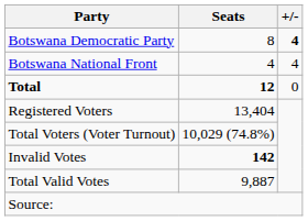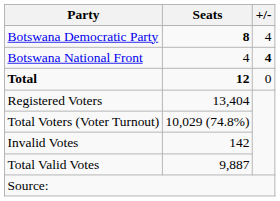 <table class=wikitable style=text-align:right>
 <tr>
 <th>Party</th>
 <th>Seats</th>
 <th>+/-</th>
 </tr>
 <tr>
 <td align=left><a href='#'>Botswana Democratic Party</a></td>
-<td>8</td>
-<td><strong>4</strong></td>
+<td><strong>8</strong></td>
+<td>4</td>
 </tr>
 <tr>
 <td align=left><a href='#'>Botswana National Front</a></td>
 <td>4</td>
-<td>4</td>
+<td><strong>4</strong></td>
 </tr>
 <tr>
 <td align=left><strong>Total</strong></td>
 <td><strong>12</strong></td>
 <td>0</td>
 </tr>
 <tr>
 <td align=left>Registered Voters</td>
 <td>13,404</td>
 </tr>
 <tr>
 <td align=left>Total Voters (Voter Turnout)</td>
 <td>10,029 (74.8%)</td>
 </tr>
 <tr>
 <td align=left>Invalid Votes</td>
-<td><strong>142</strong></td>
+<td>142</td>
 </tr>
 <tr>
 <td align=left>Total Valid Votes</td>
 <td>9,887</td>
 </tr>
 <tr>
 <td colspan=4 align=left>Source: </td>
 </tr>
 </table>
